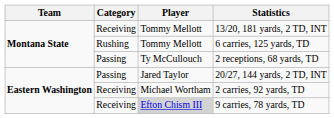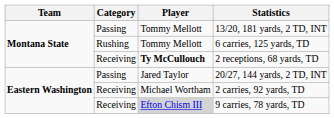 <table class="wikitable" style="float: right;">
 <tr>
 <th>Team</th>
 <th>Category</th>
 <th>Player</th>
 <th>Statistics</th>
 </tr>
 <tr>
 <td rowspan=3><strong>Montana State</strong></td>
-<td>Receiving</td>
+<td>Passing</td>
 <td>Tommy Mellott</td>
 <td>13/20, 181 yards, 2 TD, INT</td>
 </tr>
 <tr>
 <td>Rushing</td>
 <td>Tommy Mellott</td>
 <td>6 carries, 125 yards, TD</td>
 </tr>
 <tr>
-<td>Passing</td>
-<td>Ty McCullouch</td>
+<td>Receiving</td>
+<td><strong>Ty McCullouch</strong></td>
 <td>2 receptions, 68 yards, TD</td>
 </tr>
 <tr>
 <td rowspan=3><strong>Eastern Washington</strong></td>
 <td>Passing</td>
 <td>Jared Taylor</td>
 <td>20/27, 144 yards, 2 TD, INT</td>
 </tr>
 <tr>
 <td>Receiving</td>
 <td>Michael Wortham</td>
 <td>2 carries, 92 yards, TD</td>
 </tr>
 <tr>
 <td>Receiving</td>
 <td style="background: lightgrey;"><a href='#'>Efton Chism III</a></td>
 <td>9 carries, 78 yards, TD</td>
 </tr>
 </table>
